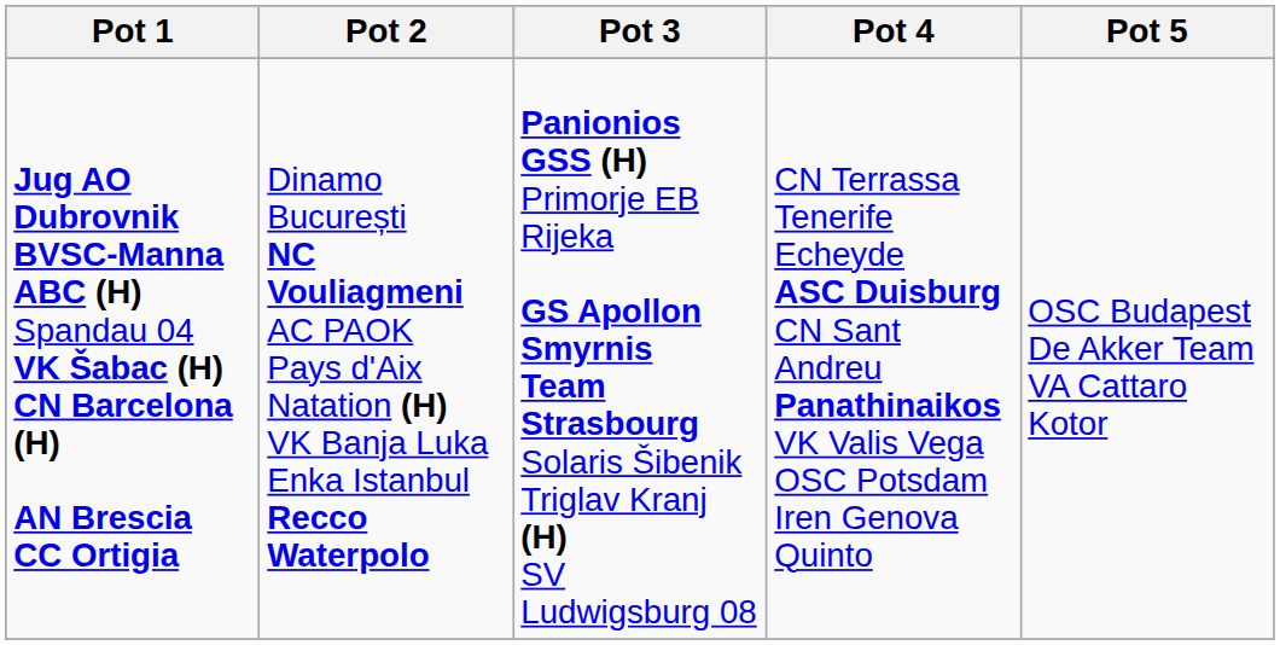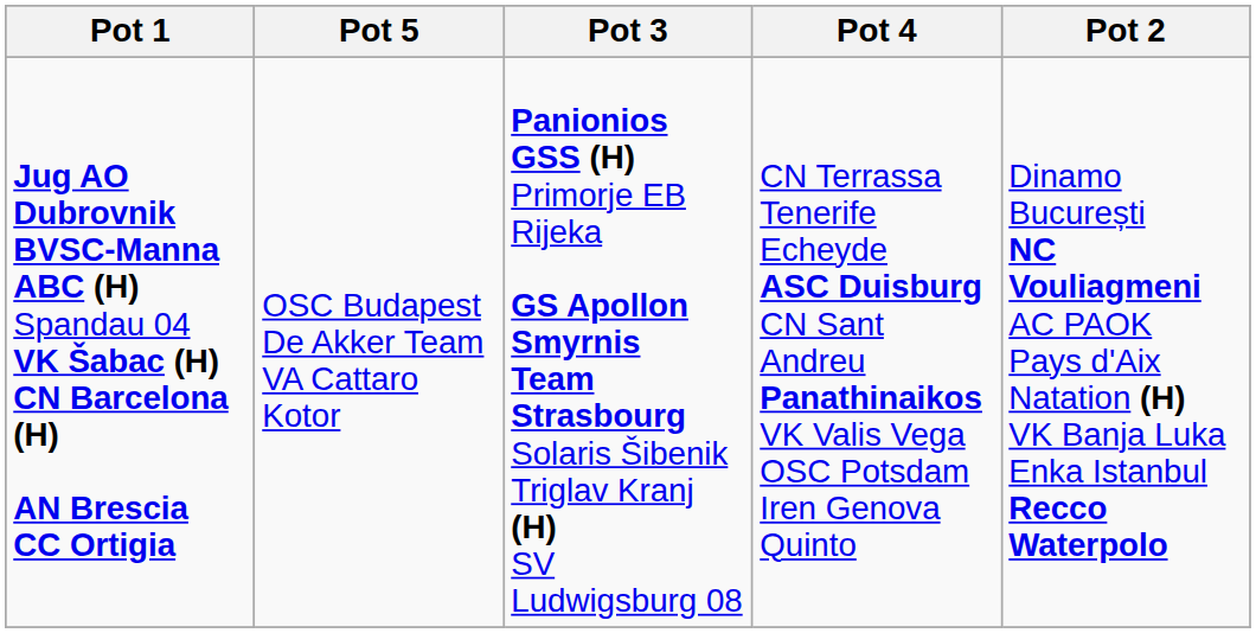 <table class="wikitable collapsible">
 <tr>
 <th width=20%>Pot 1</th>
-<th width=20%>Pot 2</th>
+<th width=20%>Pot 5</th>
 <th width=20%>Pot 3</th>
 <th width=20%>Pot 4</th>
-<th width=20%>Pot 5</th>
+<th width=20%>Pot 2</th>
 </tr>
 <tr>
 <td><br> <strong><a href='#'>Jug AO Dubrovnik</a></strong><br>  <strong><a href='#'>BVSC-Manna ABC</a></strong> <strong>(H)</strong><br>  <a href='#'>Spandau 04</a><br>  <strong><a href='#'>VK Šabac</a></strong> <strong>(H)</strong><br>  <strong><a href='#'>CN Barcelona</a></strong> <strong>(H)</strong><br> <br>  <strong><a href='#'>AN Brescia</a></strong> <br>  <strong><a href='#'>CC Ortigia</a></strong></td>
-<td><br> <a href='#'>Dinamo București</a><br>  <strong><a href='#'>NC Vouliagmeni</a></strong><br>  <a href='#'>AC PAOK</a><br>  <a href='#'>Pays d'Aix Natation</a> <strong>(H)</strong><br>  <a href='#'>VK Banja Luka</a> <br>  <a href='#'>Enka Istanbul</a><br>  <strong><a href='#'>Recco Waterpolo</a></strong><br> </td>
+<td><br> <a href='#'>OSC Budapest</a><br>  <a href='#'>De Akker Team</a><br>  <a href='#'>VA Cattaro Kotor</a><br> </td>
 <td><br> <strong><a href='#'>Panionios GSS</a></strong> <strong>(H)</strong><br>  <a href='#'>Primorje EB Rijeka</a><br> <strong></strong> <br>  <strong><a href='#'>GS Apollon Smyrnis</a></strong><br>  <strong><a href='#'>Team Strasbourg</a></strong><br>  <a href='#'>Solaris Šibenik</a><br>  <a href='#'>Triglav Kranj</a> <strong>(H)</strong> <br>  <a href='#'>SV Ludwigsburg 08</a></td>
 <td><br> <a href='#'>CN Terrassa</a><br>  <a href='#'>Tenerife Echeyde</a> <br>  <strong><a href='#'>ASC Duisburg</a></strong><br>  <a href='#'>CN Sant Andreu</a><br>  <strong><a href='#'>Panathinaikos</a></strong> <br>  <a href='#'>VK Valis Vega</a><br>  <a href='#'>OSC Potsdam</a> <br>  <a href='#'>Iren Genova Quinto</a></td>
-<td><br> <a href='#'>OSC Budapest</a><br>  <a href='#'>De Akker Team</a><br>  <a href='#'>VA Cattaro Kotor</a><br> </td>
+<td><br> <a href='#'>Dinamo București</a><br>  <strong><a href='#'>NC Vouliagmeni</a></strong><br>  <a href='#'>AC PAOK</a><br>  <a href='#'>Pays d'Aix Natation</a> <strong>(H)</strong><br>  <a href='#'>VK Banja Luka</a> <br>  <a href='#'>Enka Istanbul</a><br>  <strong><a href='#'>Recco Waterpolo</a></strong><br> </td>
 </tr>
 </table>
